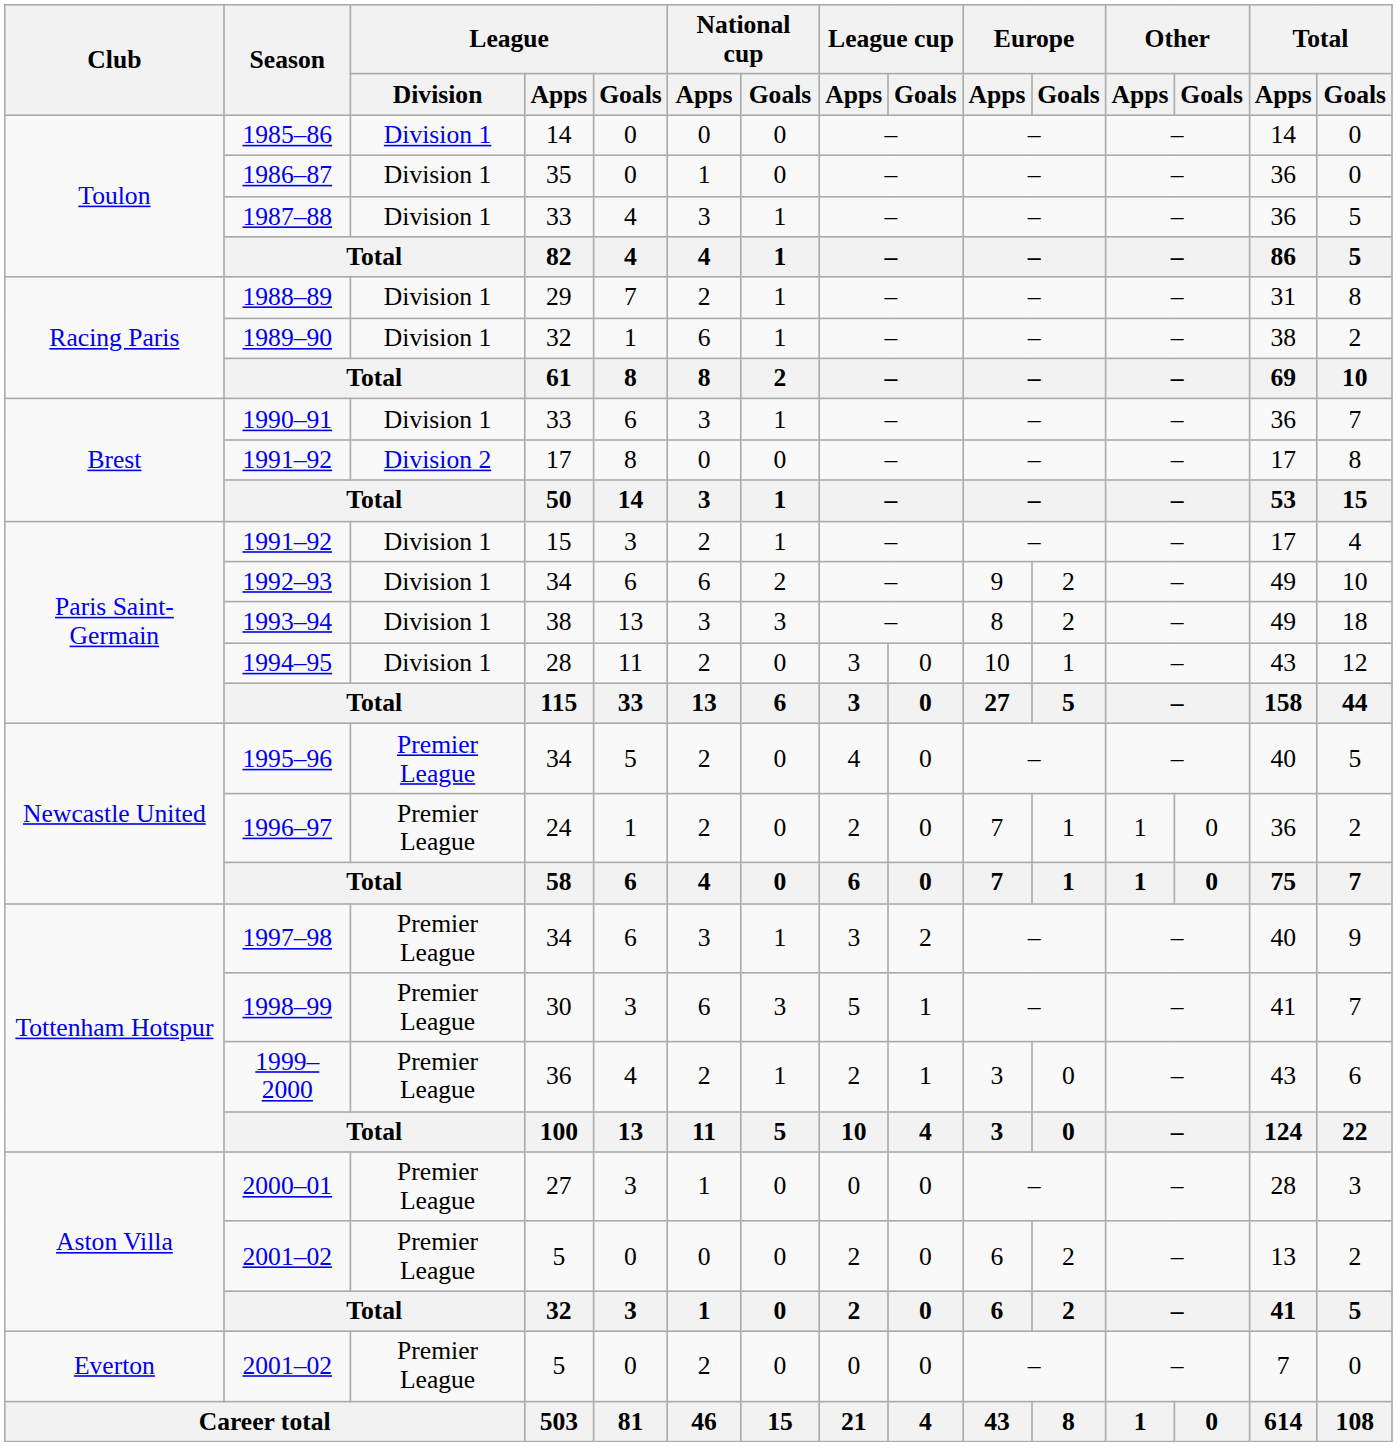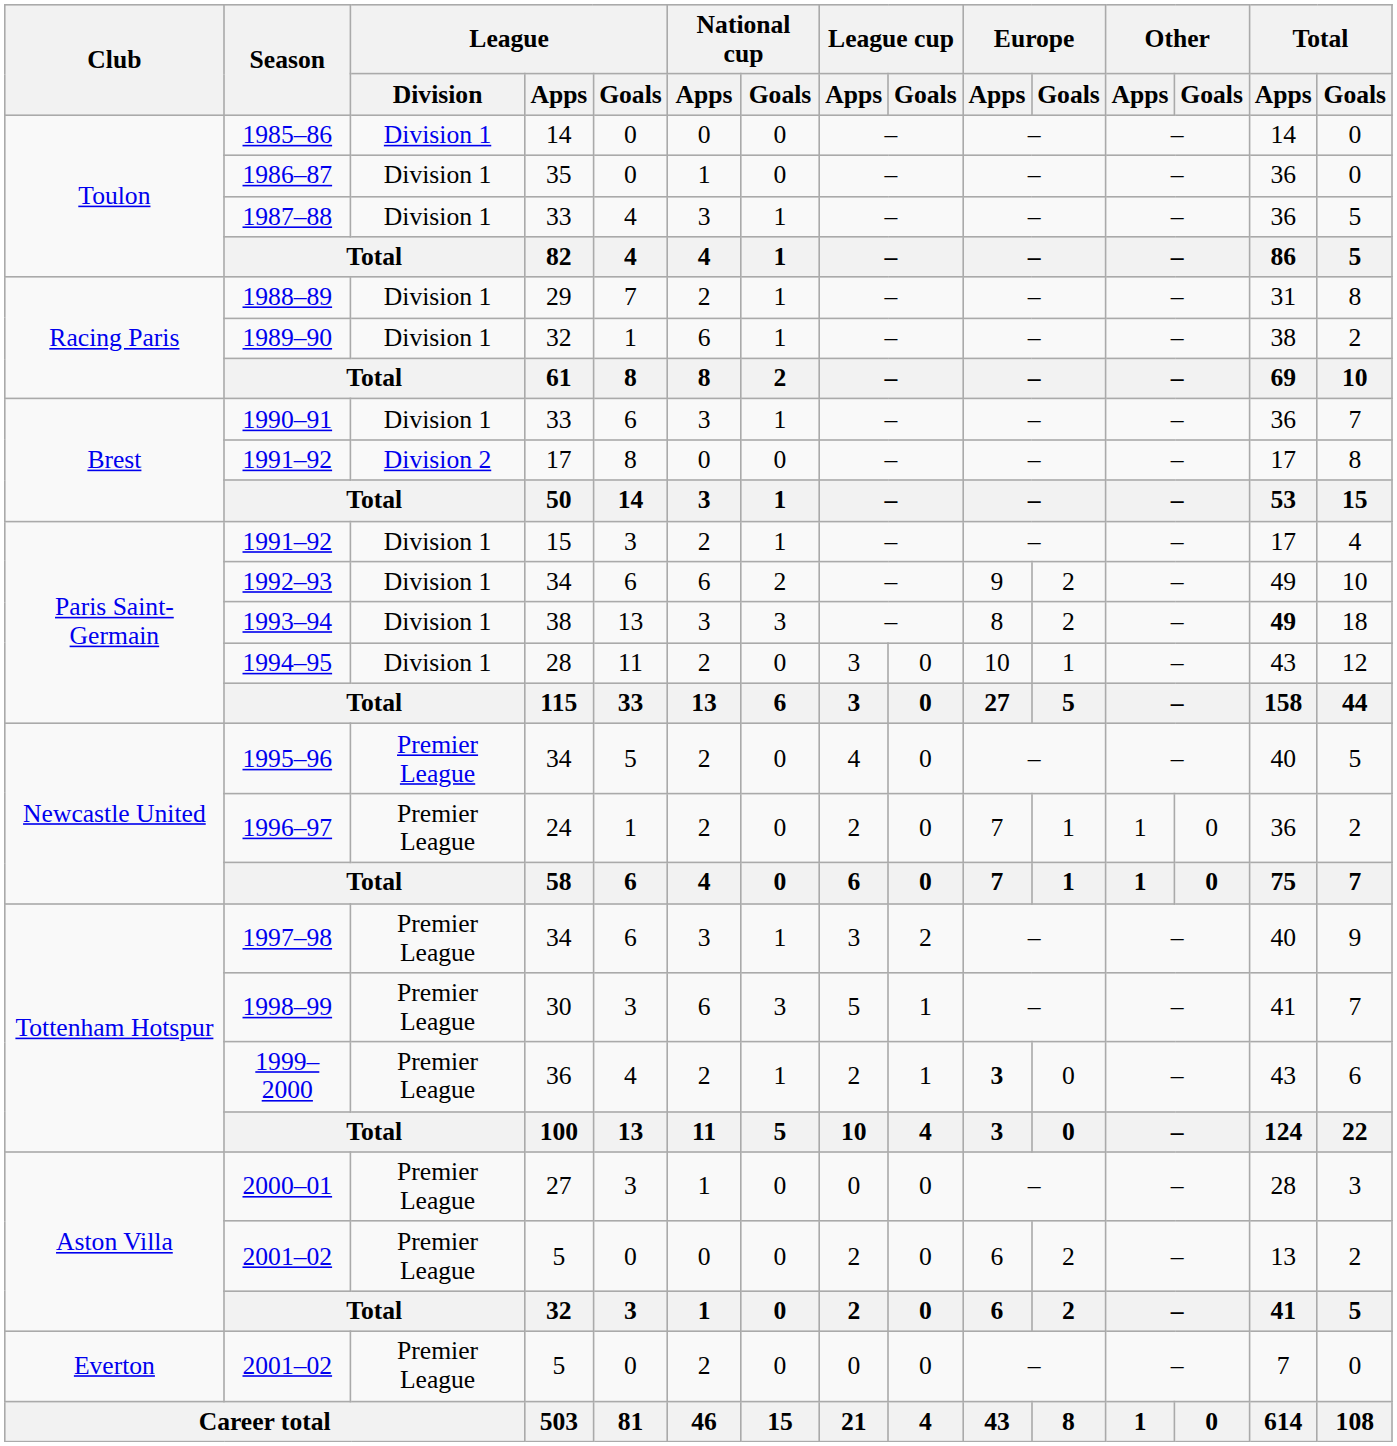 <table class="wikitable" style="text-align:center">
 <tr>
 <th rowspan="2">Club</th>
 <th rowspan="2">Season</th>
 <th colspan="3">League</th>
 <th colspan="2">National cup</th>
 <th colspan="2">League cup</th>
 <th colspan="2">Europe</th>
 <th colspan="2">Other</th>
 <th colspan="2">Total</th>
 </tr>
 <tr>
 <th>Division</th>
 <th>Apps</th>
 <th>Goals</th>
 <th>Apps</th>
 <th>Goals</th>
 <th>Apps</th>
 <th>Goals</th>
 <th>Apps</th>
 <th>Goals</th>
 <th>Apps</th>
 <th>Goals</th>
 <th>Apps</th>
 <th>Goals</th>
 </tr>
 <tr>
 <td rowspan="4"><a href='#'>Toulon</a></td>
 <td><a href='#'>1985–86</a></td>
 <td><a href='#'>Division 1</a></td>
 <td>14</td>
 <td>0</td>
 <td>0</td>
 <td>0</td>
 <td colspan=2>–</td>
 <td colspan=2>–</td>
 <td colspan=2>–</td>
 <td>14</td>
 <td>0</td>
 </tr>
 <tr>
 <td><a href='#'>1986–87</a></td>
 <td>Division 1</td>
 <td>35</td>
 <td>0</td>
 <td>1</td>
 <td>0</td>
 <td colspan=2>–</td>
 <td colspan=2>–</td>
 <td colspan=2>–</td>
 <td>36</td>
 <td>0</td>
 </tr>
 <tr>
 <td><a href='#'>1987–88</a></td>
 <td>Division 1</td>
 <td>33</td>
 <td>4</td>
 <td>3</td>
 <td>1</td>
 <td colspan=2>–</td>
 <td colspan=2>–</td>
 <td colspan=2>–</td>
 <td>36</td>
 <td>5</td>
 </tr>
 <tr>
 <th colspan="2">Total</th>
 <th>82</th>
 <th>4</th>
 <th>4</th>
 <th>1</th>
 <th colspan=2>–</th>
 <th colspan=2>–</th>
 <th colspan=2>–</th>
 <th>86</th>
 <th>5</th>
 </tr>
 <tr>
 <td rowspan="3"><a href='#'>Racing Paris</a></td>
 <td><a href='#'>1988–89</a></td>
 <td>Division 1</td>
 <td>29</td>
 <td>7</td>
 <td>2</td>
 <td>1</td>
 <td colspan=2>–</td>
 <td colspan=2>–</td>
 <td colspan=2>–</td>
 <td>31</td>
 <td>8</td>
 </tr>
 <tr>
 <td><a href='#'>1989–90</a></td>
 <td>Division 1</td>
 <td>32</td>
 <td>1</td>
 <td>6</td>
 <td>1</td>
 <td colspan=2>–</td>
 <td colspan=2>–</td>
 <td colspan=2>–</td>
 <td>38</td>
 <td>2</td>
 </tr>
 <tr>
 <th colspan="2">Total</th>
 <th>61</th>
 <th>8</th>
 <th>8</th>
 <th>2</th>
 <th colspan=2>–</th>
 <th colspan=2>–</th>
 <th colspan=2>–</th>
 <th>69</th>
 <th>10</th>
 </tr>
 <tr>
 <td rowspan="3"><a href='#'>Brest</a></td>
 <td><a href='#'>1990–91</a></td>
 <td>Division 1</td>
 <td>33</td>
 <td>6</td>
 <td>3</td>
 <td>1</td>
 <td colspan=2>–</td>
 <td colspan=2>–</td>
 <td colspan=2>–</td>
 <td>36</td>
 <td>7</td>
 </tr>
 <tr>
 <td><a href='#'>1991–92</a></td>
 <td><a href='#'>Division 2</a></td>
 <td>17</td>
 <td>8</td>
 <td>0</td>
 <td>0</td>
 <td colspan=2>–</td>
 <td colspan=2>–</td>
 <td colspan=2>–</td>
 <td>17</td>
 <td>8</td>
 </tr>
 <tr>
 <th colspan="2">Total</th>
 <th>50</th>
 <th>14</th>
 <th>3</th>
 <th>1</th>
 <th colspan=2>–</th>
 <th colspan=2>–</th>
 <th colspan=2>–</th>
 <th>53</th>
 <th>15</th>
 </tr>
 <tr>
 <td rowspan="5"><a href='#'>Paris Saint-Germain</a></td>
 <td><a href='#'>1991–92</a></td>
 <td>Division 1</td>
 <td>15</td>
 <td>3</td>
 <td>2</td>
 <td>1</td>
 <td colspan=2>–</td>
 <td colspan=2>–</td>
 <td colspan="2">–</td>
 <td>17</td>
 <td>4</td>
 </tr>
 <tr>
 <td><a href='#'>1992–93</a></td>
 <td>Division 1</td>
 <td>34</td>
 <td>6</td>
 <td>6</td>
 <td>2</td>
 <td colspan=2>–</td>
 <td>9</td>
 <td>2</td>
 <td colspan="2">–</td>
 <td>49</td>
 <td>10</td>
 </tr>
 <tr>
 <td><a href='#'>1993–94</a></td>
 <td>Division 1</td>
 <td>38</td>
 <td>13</td>
 <td>3</td>
 <td>3</td>
 <td colspan=2>–</td>
 <td>8</td>
 <td>2</td>
 <td colspan="2">–</td>
-<td>49</td>
+<td><strong>49</strong></td>
 <td>18</td>
 </tr>
 <tr>
 <td><a href='#'>1994–95</a></td>
 <td>Division 1</td>
 <td>28</td>
 <td>11</td>
 <td>2</td>
 <td>0</td>
 <td>3</td>
 <td>0</td>
 <td>10</td>
 <td>1</td>
 <td colspan="2">–</td>
 <td>43</td>
 <td>12</td>
 </tr>
 <tr>
 <th colspan="2">Total</th>
 <th>115</th>
 <th>33</th>
 <th>13</th>
 <th>6</th>
 <th>3</th>
 <th>0</th>
 <th>27</th>
 <th>5</th>
 <th colspan="2">–</th>
 <th>158</th>
 <th>44</th>
 </tr>
 <tr>
 <td rowspan="3"><a href='#'>Newcastle United</a></td>
 <td><a href='#'>1995–96</a></td>
 <td><a href='#'>Premier League</a></td>
 <td>34</td>
 <td>5</td>
 <td>2</td>
 <td>0</td>
 <td>4</td>
 <td>0</td>
 <td colspan="2">–</td>
 <td colspan="2">–</td>
 <td>40</td>
 <td>5</td>
 </tr>
 <tr>
 <td><a href='#'>1996–97</a></td>
 <td>Premier League</td>
 <td>24</td>
 <td>1</td>
 <td>2</td>
 <td>0</td>
 <td>2</td>
 <td>0</td>
 <td>7</td>
 <td>1</td>
 <td>1</td>
 <td>0</td>
 <td>36</td>
 <td>2</td>
 </tr>
 <tr>
 <th colspan="2">Total</th>
 <th>58</th>
 <th>6</th>
 <th>4</th>
 <th>0</th>
 <th>6</th>
 <th>0</th>
 <th>7</th>
 <th>1</th>
 <th>1</th>
 <th>0</th>
 <th>75</th>
 <th>7</th>
 </tr>
 <tr>
 <td rowspan="4"><a href='#'>Tottenham Hotspur</a></td>
 <td><a href='#'>1997–98</a></td>
 <td>Premier League</td>
 <td>34</td>
 <td>6</td>
 <td>3</td>
 <td>1</td>
 <td>3</td>
 <td>2</td>
 <td colspan="2">–</td>
 <td colspan="2">–</td>
 <td>40</td>
 <td>9</td>
 </tr>
 <tr>
 <td><a href='#'>1998–99</a></td>
 <td>Premier League</td>
 <td>30</td>
 <td>3</td>
 <td>6</td>
 <td>3</td>
 <td>5</td>
 <td>1</td>
 <td colspan="2">–</td>
 <td colspan="2">–</td>
 <td>41</td>
 <td>7</td>
 </tr>
 <tr>
 <td><a href='#'>1999–2000</a></td>
 <td>Premier League</td>
 <td>36</td>
 <td>4</td>
 <td>2</td>
 <td>1</td>
 <td>2</td>
 <td>1</td>
-<td>3</td>
+<td><strong>3</strong></td>
 <td>0</td>
 <td colspan="2">–</td>
 <td>43</td>
 <td>6</td>
 </tr>
 <tr>
 <th colspan="2">Total</th>
 <th>100</th>
 <th>13</th>
 <th>11</th>
 <th>5</th>
 <th>10</th>
 <th>4</th>
 <th>3</th>
 <th>0</th>
 <th colspan="2">–</th>
 <th>124</th>
 <th>22</th>
 </tr>
 <tr>
 <td rowspan="3"><a href='#'>Aston Villa</a></td>
 <td><a href='#'>2000–01</a></td>
 <td>Premier League</td>
 <td>27</td>
 <td>3</td>
 <td>1</td>
 <td>0</td>
 <td>0</td>
 <td>0</td>
 <td colspan="2">–</td>
 <td colspan="2">–</td>
 <td>28</td>
 <td>3</td>
 </tr>
 <tr>
 <td><a href='#'>2001–02</a></td>
 <td>Premier League</td>
 <td>5</td>
 <td>0</td>
 <td>0</td>
 <td>0</td>
 <td>2</td>
 <td>0</td>
 <td>6</td>
 <td>2</td>
 <td colspan="2">–</td>
 <td>13</td>
 <td>2</td>
 </tr>
 <tr>
 <th colspan="2">Total</th>
 <th>32</th>
 <th>3</th>
 <th>1</th>
 <th>0</th>
 <th>2</th>
 <th>0</th>
 <th>6</th>
 <th>2</th>
 <th colspan="2">–</th>
 <th>41</th>
 <th>5</th>
 </tr>
 <tr>
 <td><a href='#'>Everton</a></td>
 <td><a href='#'>2001–02</a></td>
 <td>Premier League</td>
 <td>5</td>
 <td>0</td>
 <td>2</td>
 <td>0</td>
 <td>0</td>
 <td>0</td>
 <td colspan="2">–</td>
 <td colspan="2">–</td>
 <td>7</td>
 <td>0</td>
 </tr>
 <tr>
 <th colspan="3">Career total</th>
 <th>503</th>
 <th>81</th>
 <th>46</th>
 <th>15</th>
 <th>21</th>
 <th>4</th>
 <th>43</th>
 <th>8</th>
 <th>1</th>
 <th>0</th>
 <th>614</th>
 <th>108</th>
 </tr>
 </table>
